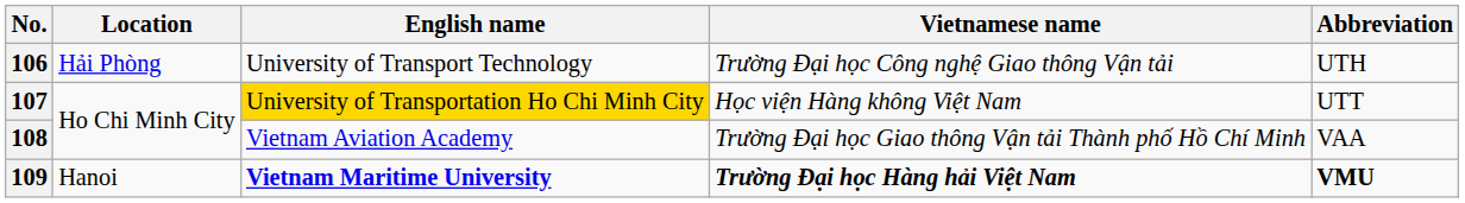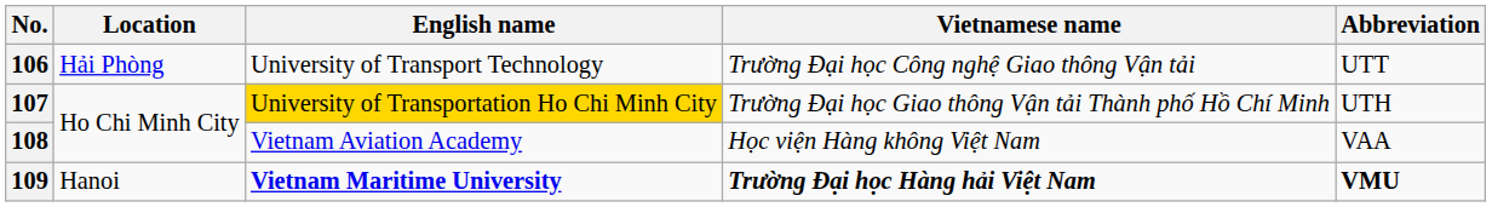 <table class="wikitable">
 <tr>
 <th>No.</th>
 <th>Location</th>
 <th>English name</th>
 <th>Vietnamese name</th>
 <th>Abbreviation</th>
 </tr>
 <tr>
 <th align="center">106</th>
 <td><a href='#'>Hải Phòng</a></td>
 <td>University of Transport Technology</td>
 <td><em>Trường Đại học Công nghệ Giao thông Vận tải</em></td>
-<td>UTH</td>
+<td>UTT</td>
 </tr>
 <tr>
 <th align="center">107</th>
 <td rowspan="2">Ho Chi Minh City</td>
 <td style="background: gold;">University of Transportation Ho Chi Minh City</td>
-<td><em>Học viện Hàng không Việt Nam</em></td>
-<td>UTT</td>
+<td><em>Trường Đại học Giao thông Vận tải Thành phố Hồ Chí Minh</em></td>
+<td>UTH</td>
 </tr>
 <tr>
 <th align="center">108</th>
 <td><a href='#'>Vietnam Aviation Academy</a></td>
-<td><em>Trường Đại học Giao thông Vận tải Thành phố Hồ Chí Minh</em></td>
+<td><em>Học viện Hàng không Việt Nam</em></td>
 <td>VAA</td>
 </tr>
 <tr>
 <th align="center">109</th>
 <td>Hanoi</td>
 <td><strong><a href='#'>Vietnam Maritime University</a></strong></td>
 <td><strong><em>Trường Đại học Hàng hải Việt Nam</em></strong></td>
 <td><strong>VMU</strong></td>
 </tr>
 </table>
